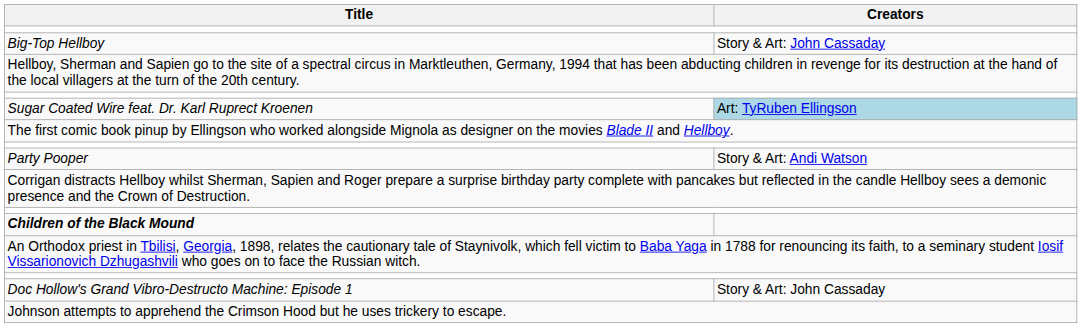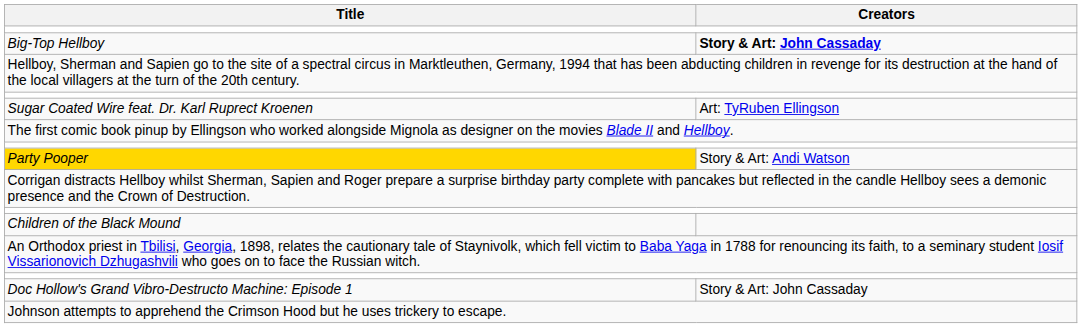 <table class="wikitable">
 <tr>
 <th>Title</th>
 <th>Creators</th>
 </tr>
 <tr>
 <td colspan="6" bgcolor="#FFFFFF"></td>
 </tr>
 <tr>
 <td><em>Big-Top Hellboy</em></td>
-<td>Story & Art: <a href='#'>John Cassaday</a></td>
+<td><strong>Story & Art: <a href='#'>John Cassaday</a></strong></td>
 </tr>
 <tr>
 <td colspan="6">Hellboy, Sherman and Sapien go to the site of a spectral circus in Marktleuthen, Germany, 1994 that has been abducting children in revenge for its destruction at the hand of the local villagers at the turn of the 20th century.</td>
 </tr>
 <tr>
 <td colspan="6" bgcolor="#FFFFFF"></td>
 </tr>
 <tr>
 <td><em>Sugar Coated Wire feat. Dr. Karl Ruprect Kroenen</em></td>
-<td style="background: lightblue;">Art: <a href='#'>TyRuben Ellingson</a></td>
+<td>Art: <a href='#'>TyRuben Ellingson</a></td>
 </tr>
 <tr>
 <td colspan="6">The first comic book pinup by Ellingson who worked alongside Mignola as designer on the movies <em><a href='#'>Blade II</a></em> and <em><a href='#'>Hellboy</a></em>.</td>
 </tr>
 <tr>
 <td colspan="6" bgcolor="#FFFFFF"></td>
 </tr>
 <tr>
-<td><em>Party Pooper</em></td>
+<td style="background: gold;"><em>Party Pooper</em></td>
 <td>Story & Art: <a href='#'>Andi Watson</a></td>
 </tr>
 <tr>
 <td colspan="6">Corrigan distracts Hellboy whilst Sherman, Sapien and Roger prepare a surprise birthday party complete with pancakes but reflected in the candle Hellboy sees a demonic presence and the Crown of Destruction.</td>
 </tr>
 <tr>
 <td colspan="6" bgcolor="#FFFFFF"></td>
 </tr>
 <tr>
-<td><strong><em>Children of the Black Mound</em></strong></td>
+<td><em>Children of the Black Mound</em></td>
 <td></td>
 </tr>
 <tr>
 <td colspan="6">An Orthodox priest in <a href='#'>Tbilisi</a>, <a href='#'>Georgia</a>, 1898, relates the cautionary tale of Staynivolk, which fell victim to <a href='#'>Baba Yaga</a> in 1788 for renouncing its faith, to a seminary student <a href='#'>Iosif Vissarionovich Dzhugashvili</a> who goes on to face the Russian witch.</td>
 </tr>
 <tr>
 <td colspan="6" bgcolor="#FFFFFF"></td>
 </tr>
 <tr>
 <td><em>Doc Hollow's Grand Vibro-Destructo Machine: Episode 1</em></td>
 <td>Story & Art: John Cassaday</td>
 </tr>
 <tr>
 <td colspan="6">Johnson attempts to apprehend the Crimson Hood but he uses trickery to escape.</td>
 </tr>
 </table>
